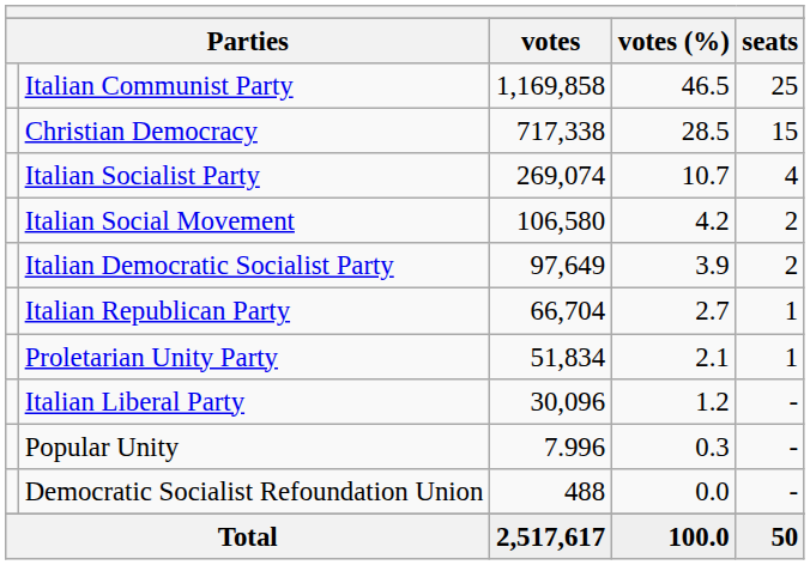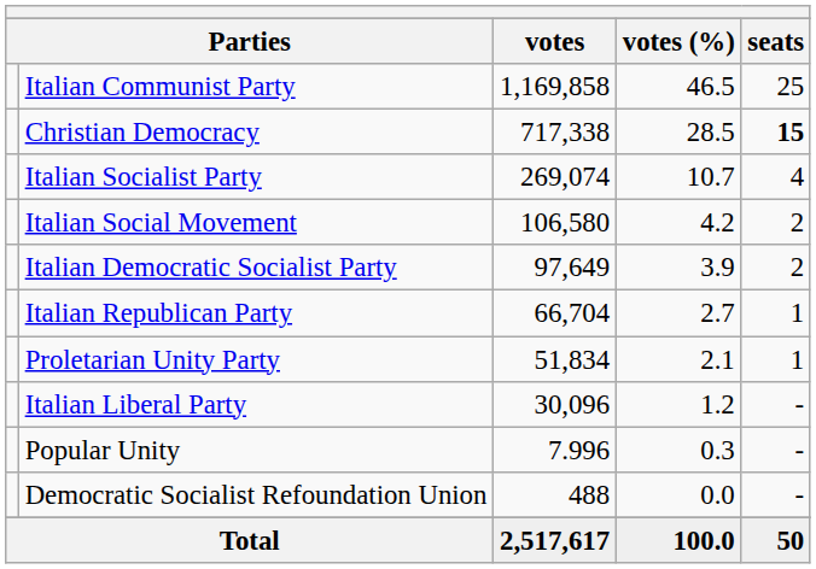 <table class="wikitable" style="font-size:95%">
 <tr>
 <th colspan=5 align=center></th>
 </tr>
 <tr>
 </tr>
 <tr bgcolor="EFEFEF">
 <th colspan=2>Parties</th>
 <th>votes</th>
 <th>votes (%)</th>
 <th>seats</th>
 </tr>
 <tr>
 <td bgcolor=></td>
 <td><a href='#'>Italian Communist Party</a></td>
 <td align=right>1,169,858</td>
 <td align=right>46.5</td>
 <td align=right>25</td>
 </tr>
 <tr>
 <td bgcolor=></td>
 <td><a href='#'>Christian Democracy</a></td>
 <td align=right>717,338</td>
 <td align=right>28.5</td>
-<td align=right>15</td>
+<td align=right><strong>15</strong></td>
 </tr>
 <tr>
 <td bgcolor=></td>
 <td><a href='#'>Italian Socialist Party</a></td>
 <td align=right>269,074</td>
 <td align=right>10.7</td>
 <td align=right>4</td>
 </tr>
 <tr>
 <td bgcolor=></td>
 <td><a href='#'>Italian Social Movement</a></td>
 <td align=right>106,580</td>
 <td align=right>4.2</td>
 <td align=right>2</td>
 </tr>
 <tr>
 <td bgcolor=></td>
 <td><a href='#'>Italian Democratic Socialist Party</a></td>
 <td align=right>97,649</td>
 <td align=right>3.9</td>
 <td align=right>2</td>
 </tr>
 <tr>
 <td bgcolor=></td>
 <td><a href='#'>Italian Republican Party</a></td>
 <td align=right>66,704</td>
 <td align=right>2.7</td>
 <td align=right>1</td>
 </tr>
 <tr>
 <td bgcolor=></td>
 <td><a href='#'>Proletarian Unity Party</a></td>
 <td align=right>51,834</td>
 <td align=right>2.1</td>
 <td align=right>1</td>
 </tr>
 <tr>
 <td bgcolor=></td>
 <td><a href='#'>Italian Liberal Party</a></td>
 <td align=right>30,096</td>
 <td align=right>1.2</td>
 <td align=right>-</td>
 </tr>
 <tr>
 <td></td>
 <td>Popular Unity</td>
 <td align=right>7.996</td>
 <td align=right>0.3</td>
 <td align=right>-</td>
 </tr>
 <tr>
 <td></td>
 <td>Democratic Socialist Refoundation Union</td>
 <td align=right>488</td>
 <td align=right>0.0</td>
 <td align=right>-</td>
 </tr>
 <tr>
 </tr>
 <tr bgcolor="EFEFEF">
 <th colspan=2><strong>Total</strong></th>
 <td align=right><strong>2,517,617</strong></td>
 <td align=right><strong>100.0</strong></td>
 <td align=right><strong>50</strong></td>
 </tr>
 </table>
